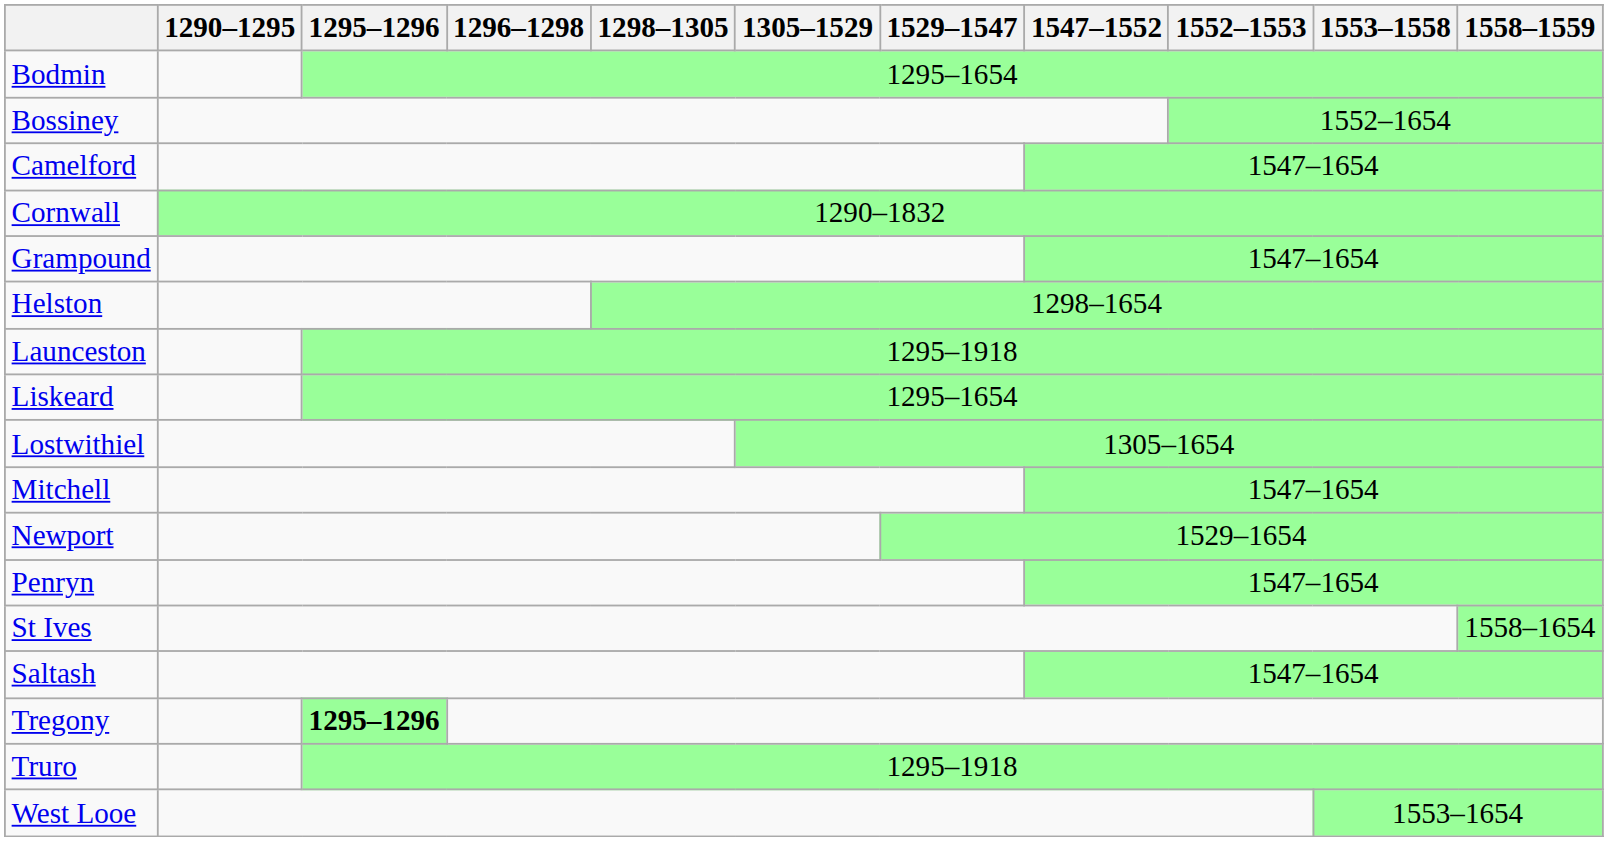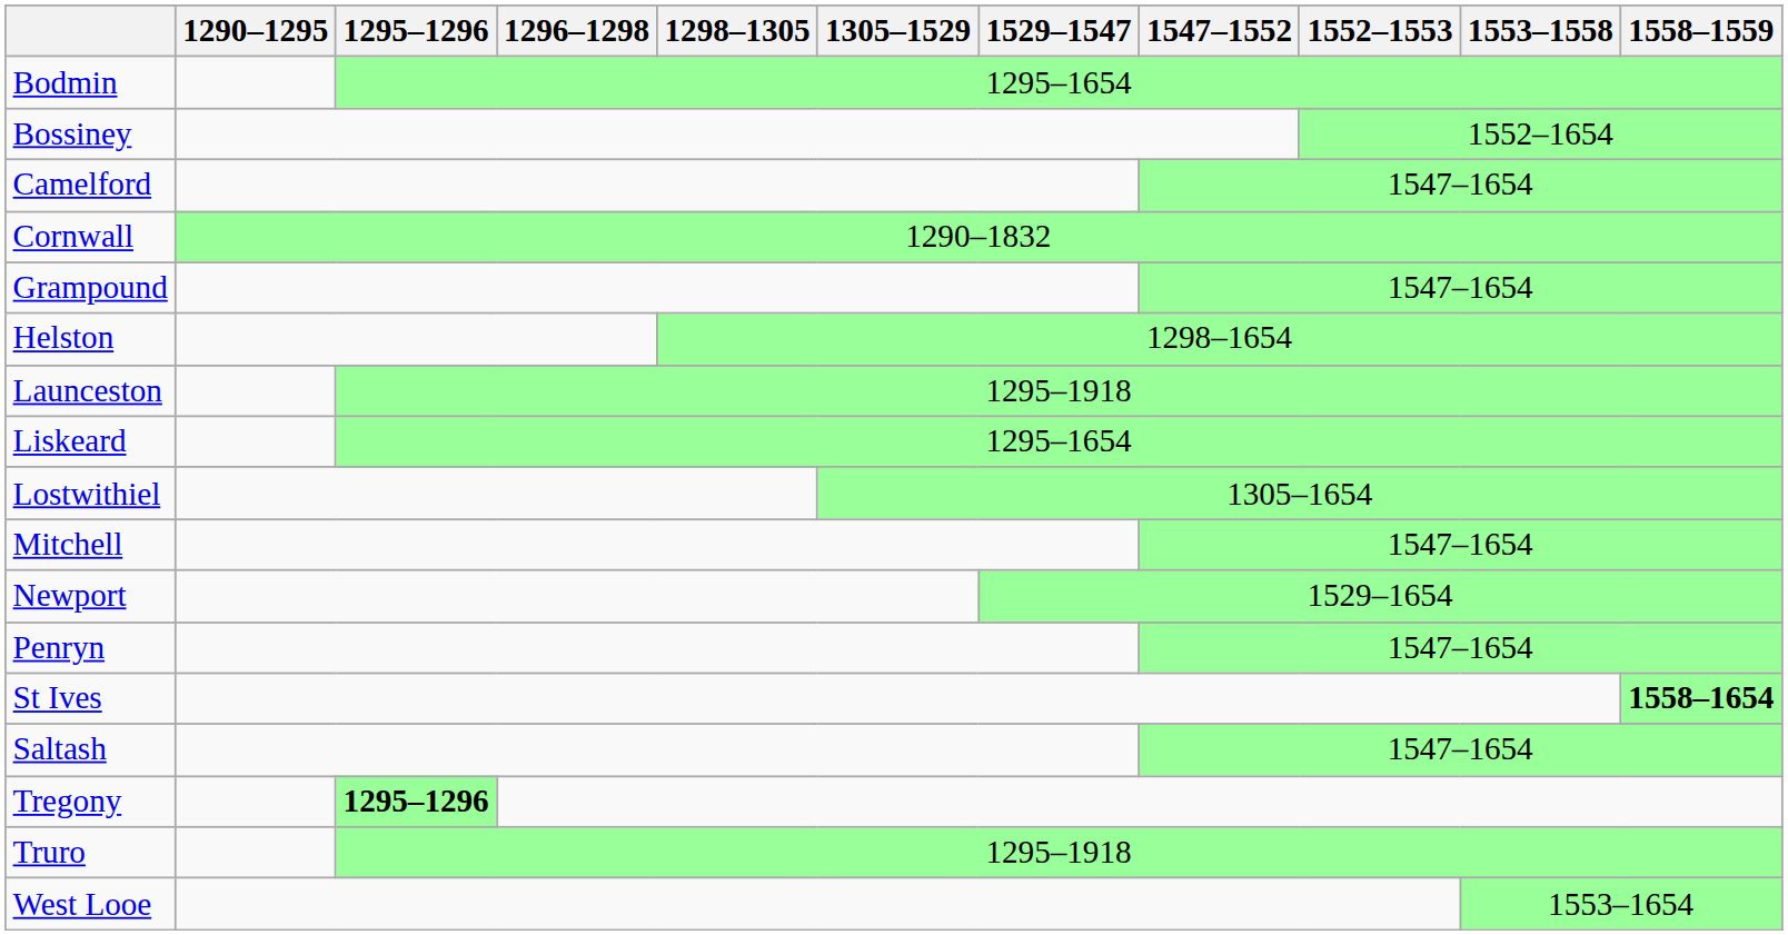 <table class="wikitable">
 <tr>
 <th> </th>
 <th>1290–1295</th>
 <th>1295–1296</th>
 <th>1296–1298</th>
 <th>1298–1305</th>
 <th>1305–1529</th>
 <th>1529–1547</th>
 <th>1547–1552</th>
 <th>1552–1553</th>
 <th>1553–1558</th>
 <th>1558–1559</th>
 </tr>
 <tr>
 <td><a href='#'>Bodmin</a></td>
 <td colspan="1"> </td>
 <td colspan="9" align="center" bgcolor="#99FF99">1295–1654</td>
 </tr>
 <tr>
 <td><a href='#'>Bossiney</a></td>
 <td colspan="7"> </td>
 <td colspan="3" align="center" bgcolor="#99FF99">1552–1654</td>
 </tr>
 <tr>
 <td><a href='#'>Camelford</a></td>
 <td colspan="6"> </td>
 <td colspan="4" align="center" bgcolor="#99FF99">1547–1654</td>
 </tr>
 <tr>
 <td><a href='#'>Cornwall</a></td>
 <td colspan="10" align="center" bgcolor="#99FF99">1290–1832</td>
 </tr>
 <tr>
 <td><a href='#'>Grampound</a></td>
 <td colspan="6"> </td>
 <td colspan="4" align="center" bgcolor="#99FF99">1547–1654</td>
 </tr>
 <tr>
 <td><a href='#'>Helston</a></td>
 <td colspan="3"> </td>
 <td colspan="7" align="center" bgcolor="#99FF99">1298–1654</td>
 </tr>
 <tr>
 <td><a href='#'>Launceston</a></td>
 <td colspan="1"> </td>
 <td colspan="9" align="center" bgcolor="#99FF99">1295–1918</td>
 </tr>
 <tr>
 <td><a href='#'>Liskeard</a></td>
 <td colspan="1"> </td>
 <td colspan="9" align="center" bgcolor="#99FF99">1295–1654</td>
 </tr>
 <tr>
 <td><a href='#'>Lostwithiel</a></td>
 <td colspan="4"> </td>
 <td colspan="6" align="center" bgcolor="#99FF99">1305–1654</td>
 </tr>
 <tr>
 <td><a href='#'>Mitchell</a></td>
 <td colspan="6"> </td>
 <td colspan="4" align="center" bgcolor="#99FF99">1547–1654</td>
 </tr>
 <tr>
 <td><a href='#'>Newport</a></td>
 <td colspan="5"> </td>
 <td colspan="5" align="center" bgcolor="#99FF99">1529–1654</td>
 </tr>
 <tr>
 <td><a href='#'>Penryn</a></td>
 <td colspan="6"> </td>
 <td colspan="4" align="center" bgcolor="#99FF99">1547–1654</td>
 </tr>
 <tr>
 <td><a href='#'>St Ives</a></td>
 <td colspan="9"> </td>
-<td colspan="1" align="center" bgcolor="#99FF99">1558–1654</td>
+<td colspan="1" align="center" bgcolor="#99FF99"><strong>1558–1654</strong></td>
 </tr>
 <tr>
 <td><a href='#'>Saltash</a></td>
 <td colspan="6"> </td>
 <td colspan="4" align="center" bgcolor="#99FF99">1547–1654</td>
 </tr>
 <tr>
 <td><a href='#'>Tregony</a></td>
 <td colspan="1"> </td>
 <td colspan="1" align="center" bgcolor="#99FF99"><strong>1295–1296</strong></td>
 <td colspan="8"> </td>
 </tr>
 <tr>
 <td><a href='#'>Truro</a></td>
 <td colspan="1"> </td>
 <td colspan="9" align="center" bgcolor="#99FF99">1295–1918</td>
 </tr>
 <tr>
 <td><a href='#'>West Looe</a></td>
 <td colspan="8"> </td>
 <td colspan="2" align="center" bgcolor="#99FF99">1553–1654</td>
 </tr>
 <tr>
 </tr>
 </table>
